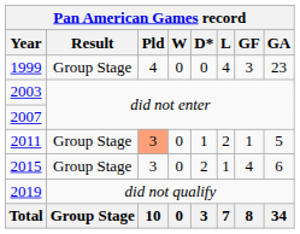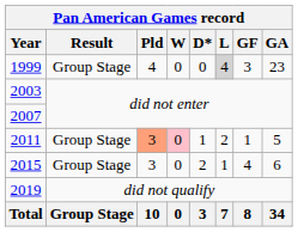 <table class="wikitable" style="text-align: center;">
 <tr>
 <th colspan=8><a href='#'>Pan American Games</a> record</th>
 </tr>
 <tr>
 <th>Year</th>
 <th>Result</th>
 <th>Pld</th>
 <th>W</th>
 <th>D*</th>
 <th>L</th>
 <th>GF</th>
 <th>GA</th>
 </tr>
 <tr>
 <td> <a href='#'>1999</a></td>
 <td>Group Stage</td>
 <td>4</td>
 <td>0</td>
 <td>0</td>
-<td>4</td>
+<td style="background: lightgrey;">4</td>
 <td>3</td>
 <td>23</td>
 </tr>
 <tr>
 <td> <a href='#'>2003</a></td>
 <td colspan=7 rowspan=2><em>did not enter</em></td>
 </tr>
 <tr>
 <td> <a href='#'>2007</a></td>
 </tr>
 <tr>
 <td> <a href='#'>2011</a></td>
 <td>Group Stage</td>
 <td style="background: lightsalmon;">3</td>
-<td>0</td>
+<td style="background: pink;">0</td>
 <td>1</td>
 <td>2</td>
 <td>1</td>
 <td>5</td>
 </tr>
 <tr>
 <td> <a href='#'>2015</a></td>
 <td>Group Stage</td>
 <td>3</td>
 <td>0</td>
 <td>2</td>
 <td>1</td>
 <td>4</td>
 <td>6</td>
 </tr>
 <tr>
 <td> <a href='#'>2019</a></td>
 <td colspan=7><em>did not qualify</em></td>
 </tr>
 <tr>
 <th>Total</th>
 <th>Group Stage</th>
 <th>10</th>
 <th>0</th>
 <th>3</th>
 <th>7</th>
 <th>8</th>
 <th>34</th>
 </tr>
 </table>
